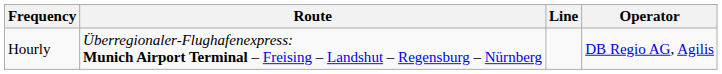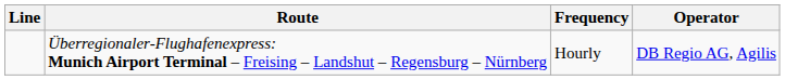 <table class="wikitable">
 <tr>
+<th>Line</th>
+<th>Route</th>
 <th>Frequency</th>
-<th>Route</th>
-<th>Line</th>
 <th>Operator</th>
 </tr>
 <tr>
+<td align="center"><strong></strong></td>
+<td><em>Überregionaler-Flughafenexpress:</em><br><strong>Munich Airport Terminal</strong> – <a href='#'>Freising</a> – <a href='#'>Landshut</a> – <a href='#'>Regensburg</a> – <a href='#'>Nürnberg</a></td>
 <td>Hourly</td>
-<td><em>Überregionaler-Flughafenexpress:</em><br><strong>Munich Airport Terminal</strong> – <a href='#'>Freising</a> – <a href='#'>Landshut</a> – <a href='#'>Regensburg</a> – <a href='#'>Nürnberg</a></td>
-<td align="center"><strong></strong></td>
 <td><a href='#'>DB Regio AG</a>, <a href='#'>Agilis</a></td>
 </tr>
 </table>
